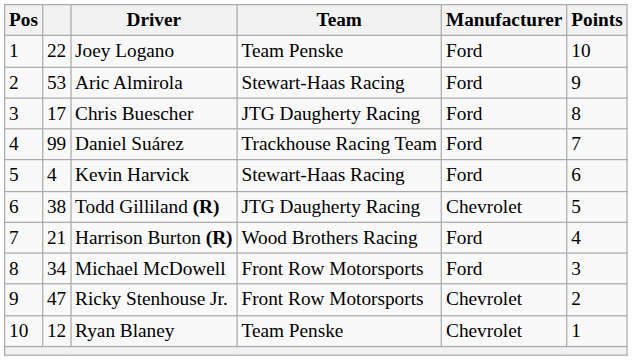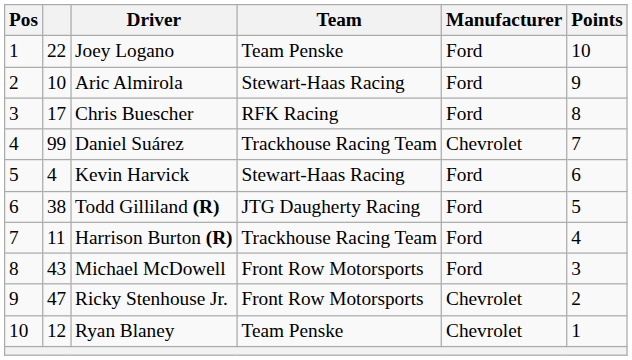 <table class="wikitable" style="font-size:98%">
 <tr>
 <th>Pos</th>
 <th></th>
 <th>Driver</th>
 <th>Team</th>
 <th>Manufacturer</th>
 <th>Points</th>
 </tr>
 <tr>
 <td>1</td>
 <td>22</td>
 <td>Joey Logano</td>
 <td>Team Penske</td>
 <td>Ford</td>
 <td>10</td>
 </tr>
 <tr>
 <td>2</td>
-<td>53</td>
+<td>10</td>
 <td>Aric Almirola</td>
 <td>Stewart-Haas Racing</td>
 <td>Ford</td>
 <td>9</td>
 </tr>
 <tr>
 <td>3</td>
 <td>17</td>
 <td>Chris Buescher</td>
-<td>JTG Daugherty Racing</td>
+<td>RFK Racing</td>
 <td>Ford</td>
 <td>8</td>
 </tr>
 <tr>
 <td>4</td>
 <td>99</td>
 <td>Daniel Suárez</td>
 <td>Trackhouse Racing Team</td>
-<td>Ford</td>
+<td>Chevrolet</td>
 <td>7</td>
 </tr>
 <tr>
 <td>5</td>
 <td>4</td>
 <td>Kevin Harvick</td>
 <td>Stewart-Haas Racing</td>
 <td>Ford</td>
 <td>6</td>
 </tr>
 <tr>
 <td>6</td>
 <td>38</td>
 <td>Todd Gilliland <strong>(R)</strong></td>
 <td>JTG Daugherty Racing</td>
-<td>Chevrolet</td>
+<td>Ford</td>
 <td>5</td>
 </tr>
 <tr>
 <td>7</td>
-<td>21</td>
+<td>11</td>
 <td>Harrison Burton <strong>(R)</strong></td>
-<td>Wood Brothers Racing</td>
+<td>Trackhouse Racing Team</td>
 <td>Ford</td>
 <td>4</td>
 </tr>
 <tr>
 <td>8</td>
-<td>34</td>
+<td>43</td>
 <td>Michael McDowell</td>
 <td>Front Row Motorsports</td>
 <td>Ford</td>
 <td>3</td>
 </tr>
 <tr>
 <td>9</td>
 <td>47</td>
 <td>Ricky Stenhouse Jr.</td>
 <td>Front Row Motorsports</td>
 <td>Chevrolet</td>
 <td>2</td>
 </tr>
 <tr>
 <td>10</td>
 <td>12</td>
 <td>Ryan Blaney</td>
 <td>Team Penske</td>
 <td>Chevrolet</td>
 <td>1</td>
 </tr>
 <tr>
 <th colspan="6"></th>
 </tr>
 </table>
